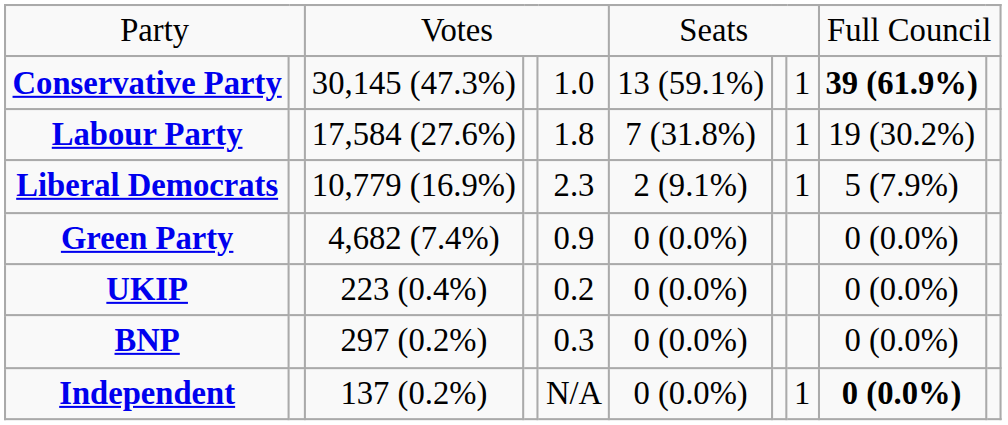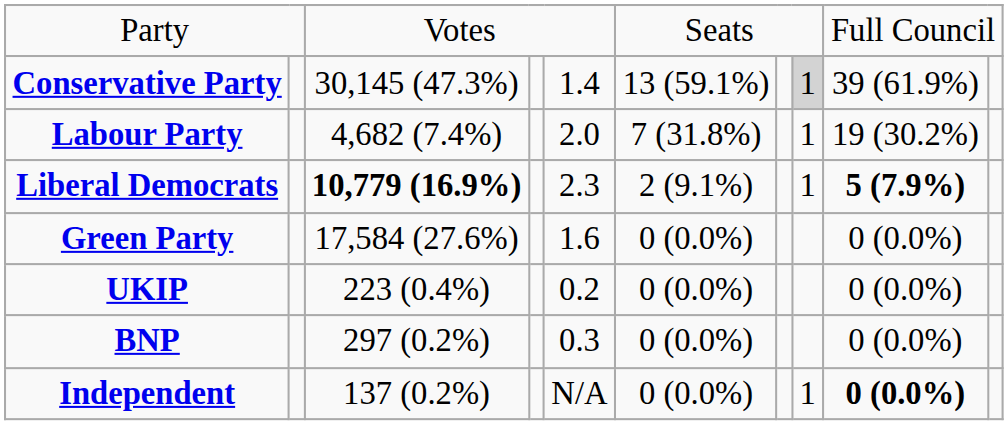 <table class=wikitable style="text-align:center;">
 <tr>
 <td colspan=2>Party</td>
 <td colspan=3>Votes</td>
 <td colspan=3>Seats</td>
 <td colspan=3>Full Council</td>
 </tr>
 <tr>
 <td><strong><a href='#'>Conservative Party</a></strong></td>
 <td style="background:"></td>
 <td>30,145 (47.3%)</td>
 <td></td>
-<td> 1.0</td>
+<td> 1.4</td>
 <td>13 (59.1%)</td>
 <td></td>
-<td> 1</td>
-<td><strong>39 (61.9%)</strong></td>
+<td style="background: lightgrey;"> 1</td>
+<td>39 (61.9%)</td>
 <td></td>
 </tr>
 <tr>
 <td><strong><a href='#'>Labour Party</a></strong></td>
 <td style="background:"></td>
-<td>17,584 (27.6%)</td>
+<td>4,682 (7.4%)</td>
 <td></td>
-<td> 1.8</td>
+<td> 2.0</td>
 <td>7 (31.8%)</td>
 <td></td>
 <td> 1</td>
 <td>19 (30.2%)</td>
 <td></td>
 </tr>
 <tr>
 <td><strong><a href='#'>Liberal Democrats</a></strong></td>
 <td style="background:"></td>
-<td>10,779 (16.9%)</td>
+<td><strong>10,779 (16.9%)</strong></td>
 <td></td>
 <td> 2.3</td>
 <td>2 (9.1%)</td>
 <td></td>
 <td> 1</td>
-<td>5 (7.9%)</td>
+<td><strong>5 (7.9%)</strong></td>
 <td></td>
 </tr>
 <tr>
 <td><strong><a href='#'>Green Party</a></strong></td>
 <td style="background:"></td>
-<td>4,682 (7.4%)</td>
+<td>17,584 (27.6%)</td>
 <td></td>
-<td> 0.9</td>
+<td> 1.6</td>
 <td>0 (0.0%)</td>
 <td></td>
 <td></td>
 <td>0 (0.0%)</td>
 <td></td>
 </tr>
 <tr>
 <td><strong><a href='#'>UKIP</a></strong></td>
 <td style="background:"></td>
 <td>223 (0.4%)</td>
 <td></td>
 <td> 0.2</td>
 <td>0 (0.0%)</td>
 <td></td>
 <td></td>
 <td>0 (0.0%)</td>
 <td></td>
 </tr>
 <tr>
 <td><strong><a href='#'>BNP</a></strong></td>
 <td style="background:"></td>
 <td>297 (0.2%)</td>
 <td></td>
 <td> 0.3</td>
 <td>0 (0.0%)</td>
 <td></td>
 <td></td>
 <td>0 (0.0%)</td>
 <td></td>
 </tr>
 <tr>
 <td><strong><a href='#'>Independent</a></strong></td>
 <td style="background:"></td>
 <td>137 (0.2%)</td>
 <td></td>
 <td>N/A</td>
 <td>0 (0.0%)</td>
 <td></td>
 <td> 1</td>
 <td><strong>0 (0.0%)</strong></td>
 <td></td>
 </tr>
 </table>
